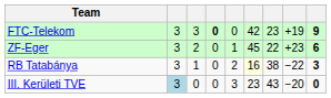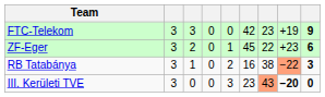 <table class="wikitable" style="text-align:center;">
 <tr>
 <th width=225>Team</th>
 <th width=20></th>
 <th width=20></th>
 <th width=20></th>
 <th width=20></th>
 <th width=20></th>
 <th width=20></th>
 <th width=20></th>
 <th width=20></th>
 </tr>
 <tr style="background:#cfc;">
 <td align="left"><a href='#'>FTC-Telekom</a></td>
 <td>3</td>
 <td>3</td>
-<td><strong>0</strong></td>
+<td>0</td>
 <td>0</td>
 <td>42</td>
 <td>23</td>
 <td>+19</td>
 <td><strong>9</strong></td>
 </tr>
 <tr style="background:#cfc;">
 <td align="left"><a href='#'>ZF-Eger</a></td>
 <td>3</td>
 <td>2</td>
 <td>0</td>
 <td>1</td>
 <td>45</td>
 <td>22</td>
 <td>+23</td>
 <td><strong>6</strong></td>
 </tr>
 <tr>
 <td align="left"><a href='#'>RB Tatabánya</a></td>
 <td>3</td>
 <td>1</td>
 <td>0</td>
 <td>2</td>
-<td style="background: lightyellow;">16</td>
+<td>16</td>
 <td>38</td>
-<td>−22</td>
+<td style="background: lightsalmon;">−22</td>
 <td><strong>3</strong></td>
 </tr>
 <tr>
 <td align="left"><a href='#'>III. Kerületi TVE</a></td>
-<td style="background: lightblue;">3</td>
+<td>3</td>
 <td>0</td>
 <td>0</td>
 <td>3</td>
 <td>23</td>
-<td>43</td>
-<td>−20</td>
+<td style="background: lightsalmon;">43</td>
+<td><strong>−20</strong></td>
 <td><strong>0</strong></td>
 </tr>
 </table>
